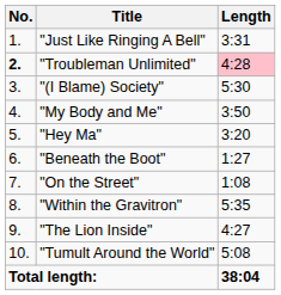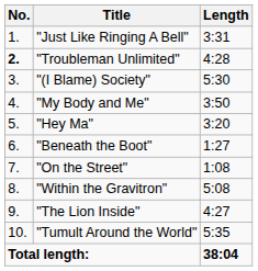 <table class="wikitable">
 <tr>
 <th><abbr>No.</abbr></th>
 <th>Title</th>
 <th>Length</th>
 </tr>
 <tr>
 <td>1.</td>
 <td>"Just Like Ringing A Bell"</td>
 <td>3:31</td>
 </tr>
 <tr>
 <td><strong>2.</strong></td>
 <td>"Troubleman Unlimited"</td>
-<td style="background: pink;">4:28</td>
+<td>4:28</td>
 </tr>
 <tr>
 <td>3.</td>
 <td>"(I Blame) Society"</td>
 <td>5:30</td>
 </tr>
 <tr>
 <td>4.</td>
 <td>"My Body and Me"</td>
 <td>3:50</td>
 </tr>
 <tr>
 <td>5.</td>
 <td>"Hey Ma"</td>
 <td>3:20</td>
 </tr>
 <tr>
 <td>6.</td>
 <td>"Beneath the Boot"</td>
 <td>1:27</td>
 </tr>
 <tr>
 <td>7.</td>
 <td>"On the Street"</td>
 <td>1:08</td>
 </tr>
 <tr>
 <td>8.</td>
 <td>"Within the Gravitron"</td>
-<td>5:35</td>
+<td>5:08</td>
 </tr>
 <tr>
 <td>9.</td>
 <td>"The Lion Inside"</td>
 <td>4:27</td>
 </tr>
 <tr>
 <td>10.</td>
 <td>"Tumult Around the World"</td>
-<td>5:08</td>
+<td>5:35</td>
 </tr>
 <tr>
 <td colspan="2"><strong>Total length:</strong></td>
 <td><strong>38:04</strong></td>
 </tr>
 </table>
